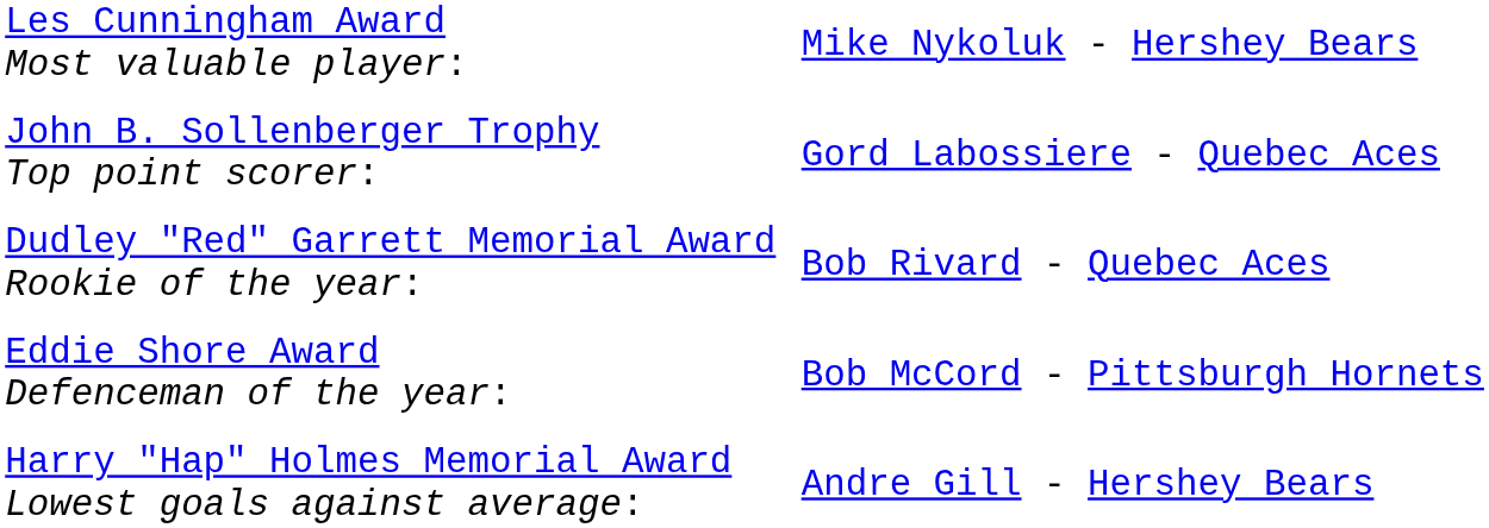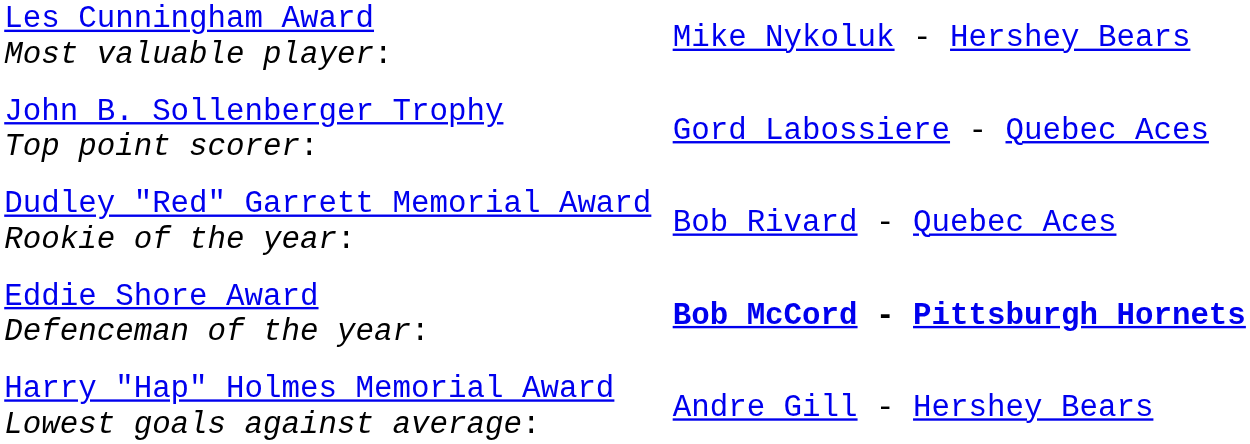 <table cellpadding="3" cellspacing="3">
 <tr>
 <td><a href='#'>Les Cunningham Award</a><br><em>Most valuable player</em>:</td>
 <td><a href='#'>Mike Nykoluk</a> - <a href='#'>Hershey Bears</a></td>
 </tr>
 <tr>
 <td><a href='#'>John B. Sollenberger Trophy</a><br><em>Top point scorer</em>:</td>
 <td><a href='#'>Gord Labossiere</a> - <a href='#'>Quebec Aces</a></td>
 </tr>
 <tr>
 <td><a href='#'>Dudley "Red" Garrett Memorial Award</a><br><em>Rookie of the year</em>:</td>
 <td><a href='#'>Bob Rivard</a> - <a href='#'>Quebec Aces</a></td>
 </tr>
 <tr>
 <td><a href='#'>Eddie Shore Award</a><br><em>Defenceman of the year</em>:</td>
-<td><a href='#'>Bob McCord</a> - <a href='#'>Pittsburgh Hornets</a></td>
+<td><strong><a href='#'>Bob McCord</a> - <a href='#'>Pittsburgh Hornets</a></strong></td>
 </tr>
 <tr>
 <td><a href='#'>Harry "Hap" Holmes Memorial Award</a><br><em>Lowest goals against average</em>:</td>
 <td><a href='#'>Andre Gill</a> - <a href='#'>Hershey Bears</a></td>
 </tr>
 </table>
